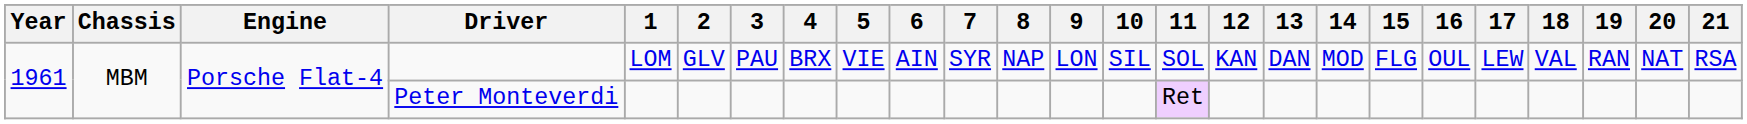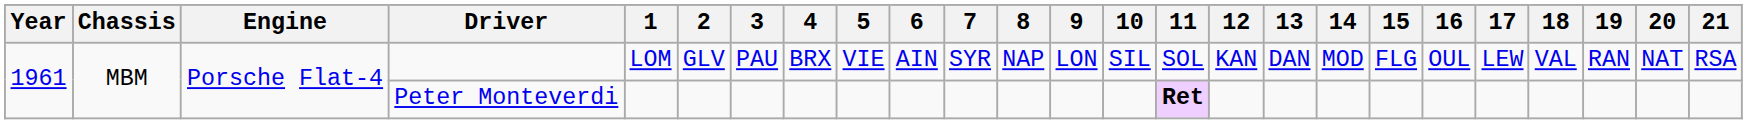 <table class="wikitable" style="text-align:center; font-size:95%">
 <tr>
 <th>Year</th>
 <th>Chassis</th>
 <th>Engine</th>
 <th>Driver</th>
 <th>1</th>
 <th>2</th>
 <th>3</th>
 <th>4</th>
 <th>5</th>
 <th>6</th>
 <th>7</th>
 <th>8</th>
 <th>9</th>
 <th>10</th>
 <th>11</th>
 <th>12</th>
 <th>13</th>
 <th>14</th>
 <th>15</th>
 <th>16</th>
 <th>17</th>
 <th>18</th>
 <th>19</th>
 <th>20</th>
 <th>21</th>
 </tr>
 <tr>
 <td rowspan="2"><a href='#'>1961</a></td>
 <td rowspan="2">MBM</td>
 <td rowspan="2"><a href='#'>Porsche</a> <a href='#'>Flat-4</a></td>
 <td></td>
 <td><a href='#'>LOM</a></td>
 <td><a href='#'>GLV</a></td>
 <td><a href='#'>PAU</a></td>
 <td><a href='#'>BRX</a></td>
 <td><a href='#'>VIE</a></td>
 <td><a href='#'>AIN</a></td>
 <td><a href='#'>SYR</a></td>
 <td><a href='#'>NAP</a></td>
 <td><a href='#'>LON</a></td>
 <td><a href='#'>SIL</a></td>
 <td><a href='#'>SOL</a></td>
 <td><a href='#'>KAN</a></td>
 <td><a href='#'>DAN</a></td>
 <td><a href='#'>MOD</a></td>
 <td><a href='#'>FLG</a></td>
 <td><a href='#'>OUL</a></td>
 <td><a href='#'>LEW</a></td>
 <td><a href='#'>VAL</a></td>
 <td><a href='#'>RAN</a></td>
 <td><a href='#'>NAT</a></td>
 <td><a href='#'>RSA</a></td>
 </tr>
 <tr>
 <td><a href='#'>Peter Monteverdi</a></td>
 <td></td>
 <td></td>
 <td></td>
 <td></td>
 <td></td>
 <td></td>
 <td></td>
 <td></td>
 <td></td>
 <td></td>
-<td style="background:#EFCFFF;">Ret</td>
+<td style="background:#EFCFFF;"><strong>Ret</strong></td>
 <td></td>
 <td></td>
 <td></td>
 <td></td>
 <td></td>
 <td></td>
 <td></td>
 <td></td>
 <td></td>
 <td></td>
 </tr>
 </table>
